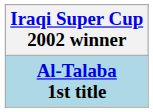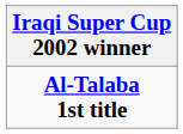 <table class="wikitable" style="text-align: center; margin: 0 auto;">
 <tr>
 <th><a href='#'>Iraqi Super Cup</a><br>2002 winner</th>
 </tr>
 <tr>
-<td style="background: lightblue;"><strong><a href='#'>Al-Talaba</a></strong><br><strong>1st title</strong></td>
+<td><strong><a href='#'>Al-Talaba</a></strong><br><strong>1st title</strong></td>
 </tr>
 </table>
